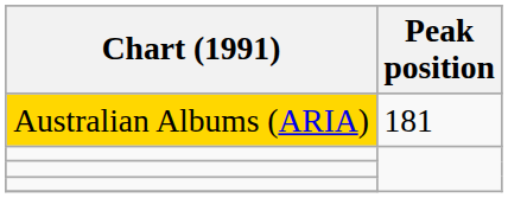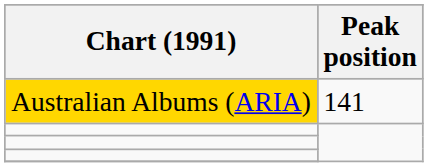 <table class="wikitable plainrowheaders sortable">
 <tr>
 <th scope="col">Chart (1991)</th>
 <th scope="col">Peak<br>position</th>
 </tr>
 <tr>
 <td style="background: gold;">Australian Albums (<a href='#'>ARIA</a>)</td>
-<td>181</td>
+<td>141</td>
 </tr>
 <tr>
 <td></td>
 </tr>
 <tr>
 <td></td>
 </tr>
 <tr>
 <td></td>
 </tr>
 <tr>
 </tr>
 </table>
